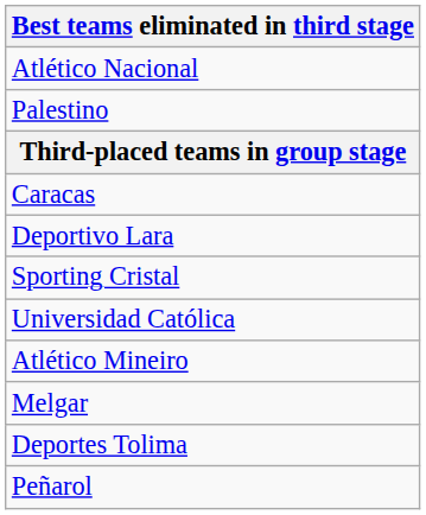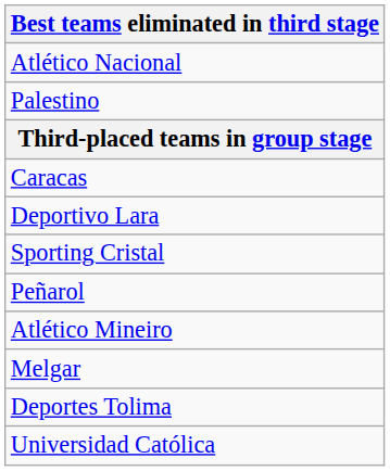 <table class="wikitable">
 <tr>
 <th><a href='#'>Best teams</a> eliminated in <a href='#'>third stage</a></th>
 </tr>
 <tr>
 <td> <a href='#'>Atlético Nacional</a></td>
 </tr>
 <tr>
 <td> <a href='#'>Palestino</a></td>
 </tr>
 <tr>
 <th>Third-placed teams in <a href='#'>group stage</a></th>
 </tr>
 <tr>
 <td> <a href='#'>Caracas</a></td>
 </tr>
 <tr>
 <td> <a href='#'>Deportivo Lara</a></td>
 </tr>
 <tr>
 <td> <a href='#'>Sporting Cristal</a></td>
 </tr>
 <tr>
-<td> <a href='#'>Universidad Católica</a></td>
+<td> <a href='#'>Peñarol</a></td>
 </tr>
 <tr>
 <td> <a href='#'>Atlético Mineiro</a></td>
 </tr>
 <tr>
 <td> <a href='#'>Melgar</a></td>
 </tr>
 <tr>
 <td> <a href='#'>Deportes Tolima</a></td>
 </tr>
 <tr>
-<td> <a href='#'>Peñarol</a></td>
+<td> <a href='#'>Universidad Católica</a></td>
 </tr>
 </table>
